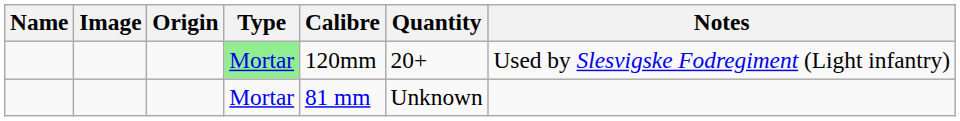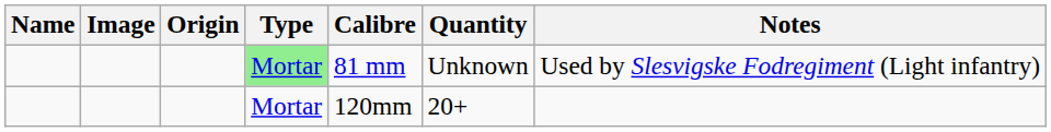 <table class="wikitable sortable">
 <tr>
 <th>Name</th>
 <th>Image</th>
 <th>Origin</th>
 <th>Type</th>
 <th>Calibre</th>
 <th>Quantity</th>
 <th>Notes</th>
 </tr>
 <tr>
 <td></td>
 <td></td>
 <td></td>
 <td style="background: lightgreen;"><a href='#'>Mortar</a></td>
-<td>120mm</td>
-<td>20+ </td>
+<td><a href='#'>81 mm</a></td>
+<td>Unknown</td>
 <td>Used by <em><a href='#'>Slesvigske Fodregiment</a></em> (Light infantry)</td>
 </tr>
 <tr>
 <td></td>
 <td></td>
 <td></td>
 <td><a href='#'>Mortar</a></td>
-<td><a href='#'>81 mm</a></td>
-<td>Unknown</td>
+<td>120mm</td>
+<td>20+ </td>
 <td></td>
 </tr>
 </table>
